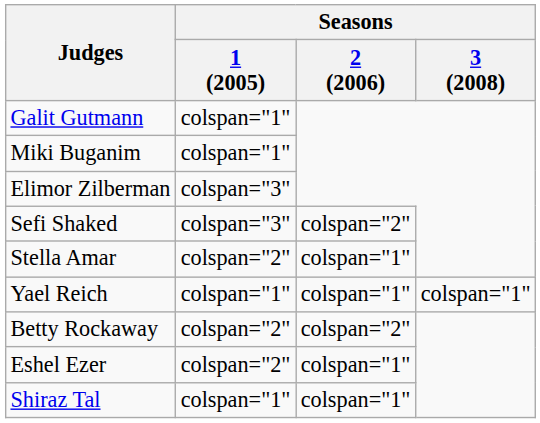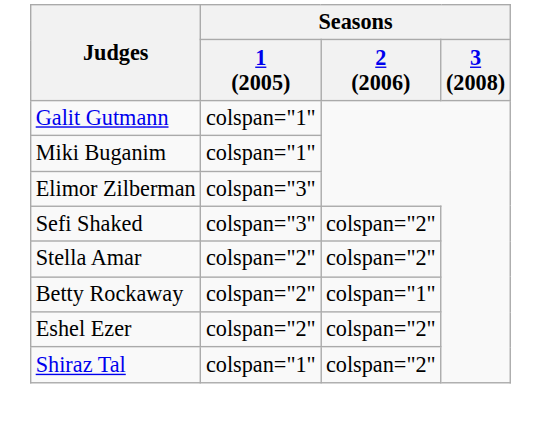 <table class="wikitable" style="margin:1em auto 1em auto;">
 <tr>
 <th rowspan="2">Judges</th>
 <th colspan="3">Seasons</th>
 </tr>
 <tr>
 <th><a href='#'>1</a><br> (2005)</th>
 <th><a href='#'>2</a><br> (2006)</th>
 <th><a href='#'>3</a><br> (2008)</th>
 </tr>
 <tr>
 <td scope="row"><a href='#'>Galit Gutmann</a></td>
 <td>colspan="1" </td>
 </tr>
 <tr>
 <td scope="row">Miki Buganim</td>
 <td>colspan="1" </td>
 </tr>
 <tr>
 <td scope="row">Elimor Zilberman</td>
 <td>colspan="3" </td>
 </tr>
 <tr>
 <td scope="row">Sefi Shaked</td>
 <td>colspan="3" </td>
 <td>colspan="2" </td>
 </tr>
 <tr>
 <td scope="row">Stella Amar</td>
 <td>colspan="2" </td>
-<td>colspan="1" </td>
-</tr>
-<tr>
-<td scope="row">Yael Reich</td>
-<td>colspan="1" </td>
-<td>colspan="1" </td>
-<td>colspan="1" </td>
+<td>colspan="2" </td>
 </tr>
 <tr>
 <td scope="row">Betty Rockaway</td>
 <td>colspan="2" </td>
-<td>colspan="2" </td>
+<td>colspan="1" </td>
 </tr>
 <tr>
 <td scope="row">Eshel Ezer</td>
 <td>colspan="2" </td>
-<td>colspan="1" </td>
+<td>colspan="2" </td>
 </tr>
 <tr>
 <td scope="row"><a href='#'>Shiraz Tal</a></td>
 <td>colspan="1" </td>
-<td>colspan="1" </td>
+<td>colspan="2" </td>
 </tr>
 </table>
